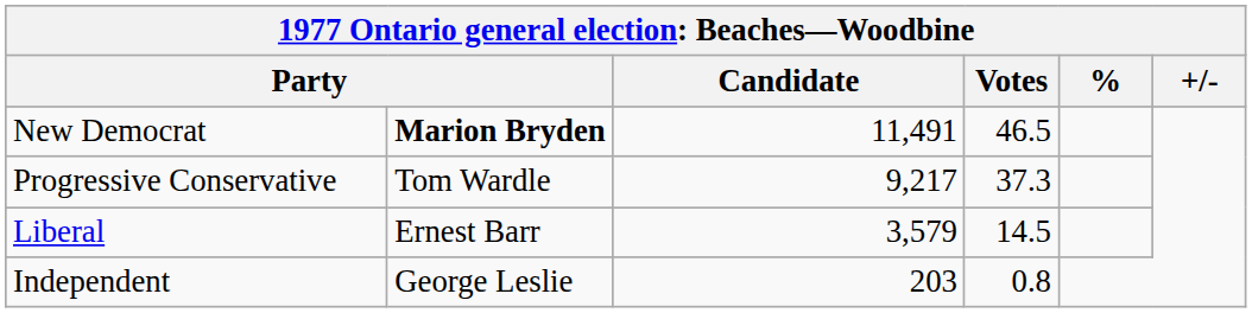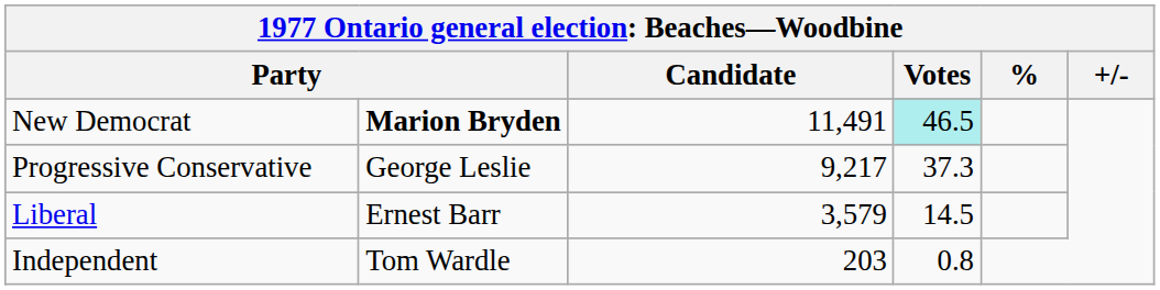 <table class="wikitable">
 <tr>
 <th colspan="6"><a href='#'>1977 Ontario general election</a>: <strong>Beaches—Woodbine</strong></th>
 </tr>
 <tr>
 <th colspan="2" style="width: 200px">Party</th>
 <th style="width: 170px">Candidate</th>
 <th style="width: 40px">Votes</th>
 <th style="width: 40px">%</th>
 <th style="width: 40px">+/-</th>
 </tr>
 <tr>
 <td style="width: 185px">New Democrat</td>
 <td><strong>Marion Bryden</strong></td>
 <td align=right>11,491</td>
-<td align=right>46.5</td>
+<td align=right style="background: paleturquoise;">46.5</td>
 <td align=right></td>
 </tr>
 <tr>
 <td style="width: 185px">Progressive Conservative</td>
-<td>Tom Wardle</td>
+<td>George Leslie</td>
 <td align=right>9,217</td>
 <td align=right>37.3</td>
 <td align=right></td>
 </tr>
 <tr>
 <td style="width: 185px"><a href='#'>Liberal</a></td>
 <td>Ernest Barr</td>
 <td align=right>3,579</td>
 <td align=right>14.5</td>
 <td align=right></td>
 </tr>
 <tr>
 <td style="width: 185px">Independent</td>
-<td>George Leslie</td>
+<td>Tom Wardle</td>
 <td align=right>203</td>
 <td align=right>0.8<br> </td>
 </tr>
 </table>
